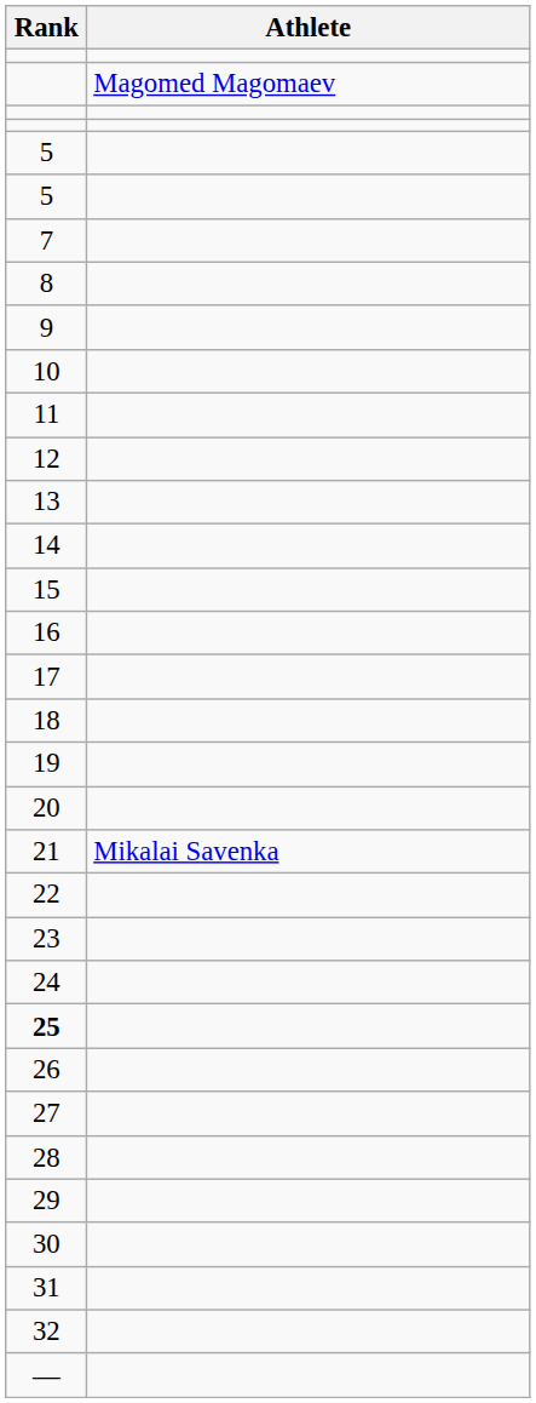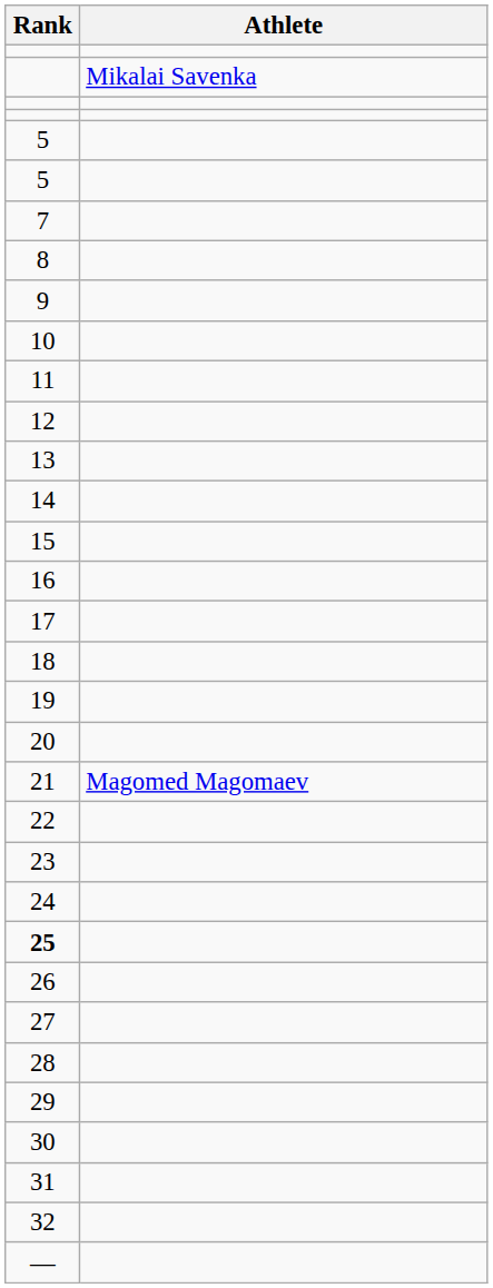 <table class="wikitable" style="text-align: center;">
 <tr>
 <th width=40>Rank</th>
 <th width=250>Athlete</th>
 </tr>
 <tr>
 <td></td>
 <td align="left"></td>
 </tr>
 <tr>
 <td></td>
-<td align="left"> <a href='#'>Magomed Magomaev</a> </td>
+<td align="left"> <a href='#'>Mikalai Savenka</a> </td>
 </tr>
 <tr>
 <td></td>
 <td align="left"></td>
 </tr>
 <tr>
 <td></td>
 <td align="left"></td>
 </tr>
 <tr>
 <td>5</td>
 <td align="left"></td>
 </tr>
 <tr>
 <td>5</td>
 <td align="left"></td>
 </tr>
 <tr>
 <td>7</td>
 <td align="left"></td>
 </tr>
 <tr>
 <td>8</td>
 <td align="left"></td>
 </tr>
 <tr>
 <td>9</td>
 <td align="left"></td>
 </tr>
 <tr>
 <td>10</td>
 <td align="left"></td>
 </tr>
 <tr>
 <td>11</td>
 <td align="left"></td>
 </tr>
 <tr>
 <td>12</td>
 <td align="left"></td>
 </tr>
 <tr>
 <td>13</td>
 <td align="left"></td>
 </tr>
 <tr>
 <td>14</td>
 <td align="left"></td>
 </tr>
 <tr>
 <td>15</td>
 <td align="left"></td>
 </tr>
 <tr>
 <td>16</td>
 <td align="left"></td>
 </tr>
 <tr>
 <td>17</td>
 <td align="left"></td>
 </tr>
 <tr>
 <td>18</td>
 <td align="left"></td>
 </tr>
 <tr>
 <td>19</td>
 <td align="left"></td>
 </tr>
 <tr>
 <td>20</td>
 <td align="left"></td>
 </tr>
 <tr>
 <td>21</td>
-<td align="left"> <a href='#'>Mikalai Savenka</a> </td>
+<td align="left"> <a href='#'>Magomed Magomaev</a> </td>
 </tr>
 <tr>
 <td>22</td>
 <td align="left"></td>
 </tr>
 <tr>
 <td>23</td>
 <td align="left"></td>
 </tr>
 <tr>
 <td>24</td>
 <td align="left"></td>
 </tr>
 <tr>
 <td><strong>25</strong></td>
 <td align="left"></td>
 </tr>
 <tr>
 <td>26</td>
 <td align="left"></td>
 </tr>
 <tr>
 <td>27</td>
 <td align="left"></td>
 </tr>
 <tr>
 <td>28</td>
 <td align="left"></td>
 </tr>
 <tr>
 <td>29</td>
 <td align="left"></td>
 </tr>
 <tr>
 <td>30</td>
 <td align="left"></td>
 </tr>
 <tr>
 <td>31</td>
 <td align="left"></td>
 </tr>
 <tr>
 <td>32</td>
 <td align="left"></td>
 </tr>
 <tr>
 <td>—</td>
 <td align="left"></td>
 </tr>
 </table>
